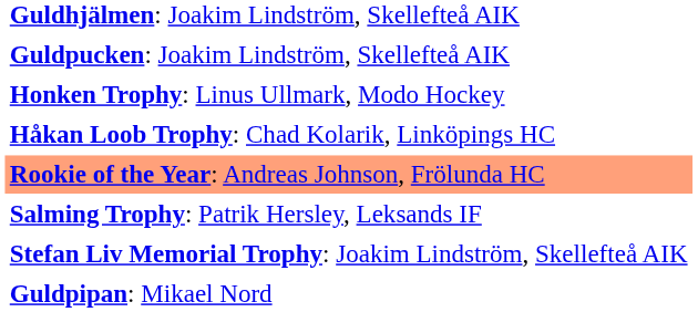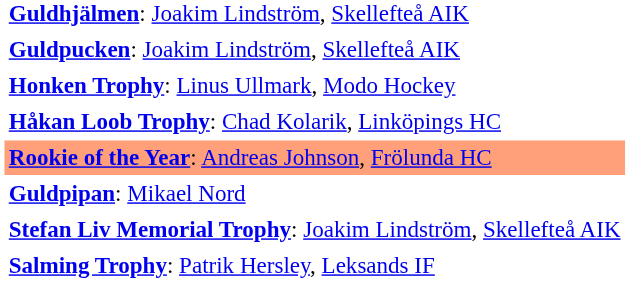 <table cellpadding="3" cellspacing="1">
 <tr>
 <td><strong><a href='#'>Guldhjälmen</a></strong>: <a href='#'>Joakim Lindström</a>, <a href='#'>Skellefteå AIK</a></td>
 </tr>
 <tr>
 <td><strong><a href='#'>Guldpucken</a></strong>: <a href='#'>Joakim Lindström</a>, <a href='#'>Skellefteå AIK</a></td>
 </tr>
 <tr>
 <td><strong><a href='#'>Honken Trophy</a></strong>: <a href='#'>Linus Ullmark</a>, <a href='#'>Modo Hockey</a></td>
 </tr>
 <tr>
 <td><strong><a href='#'>Håkan Loob Trophy</a></strong>: <a href='#'>Chad Kolarik</a>, <a href='#'>Linköpings HC</a></td>
 </tr>
 <tr>
 <td style="background: lightsalmon;"><strong><a href='#'>Rookie of the Year</a></strong>: <a href='#'>Andreas Johnson</a>, <a href='#'>Frölunda HC</a></td>
 </tr>
 <tr>
-<td><strong><a href='#'>Salming Trophy</a></strong>: <a href='#'>Patrik Hersley</a>, <a href='#'>Leksands IF</a></td>
+<td><strong><a href='#'>Guldpipan</a></strong>: <a href='#'>Mikael Nord</a></td>
 </tr>
 <tr>
 <td><strong><a href='#'>Stefan Liv Memorial Trophy</a></strong>: <a href='#'>Joakim Lindström</a>, <a href='#'>Skellefteå AIK</a></td>
 </tr>
 <tr>
-<td><strong><a href='#'>Guldpipan</a></strong>: <a href='#'>Mikael Nord</a></td>
+<td><strong><a href='#'>Salming Trophy</a></strong>: <a href='#'>Patrik Hersley</a>, <a href='#'>Leksands IF</a></td>
 </tr>
 </table>
